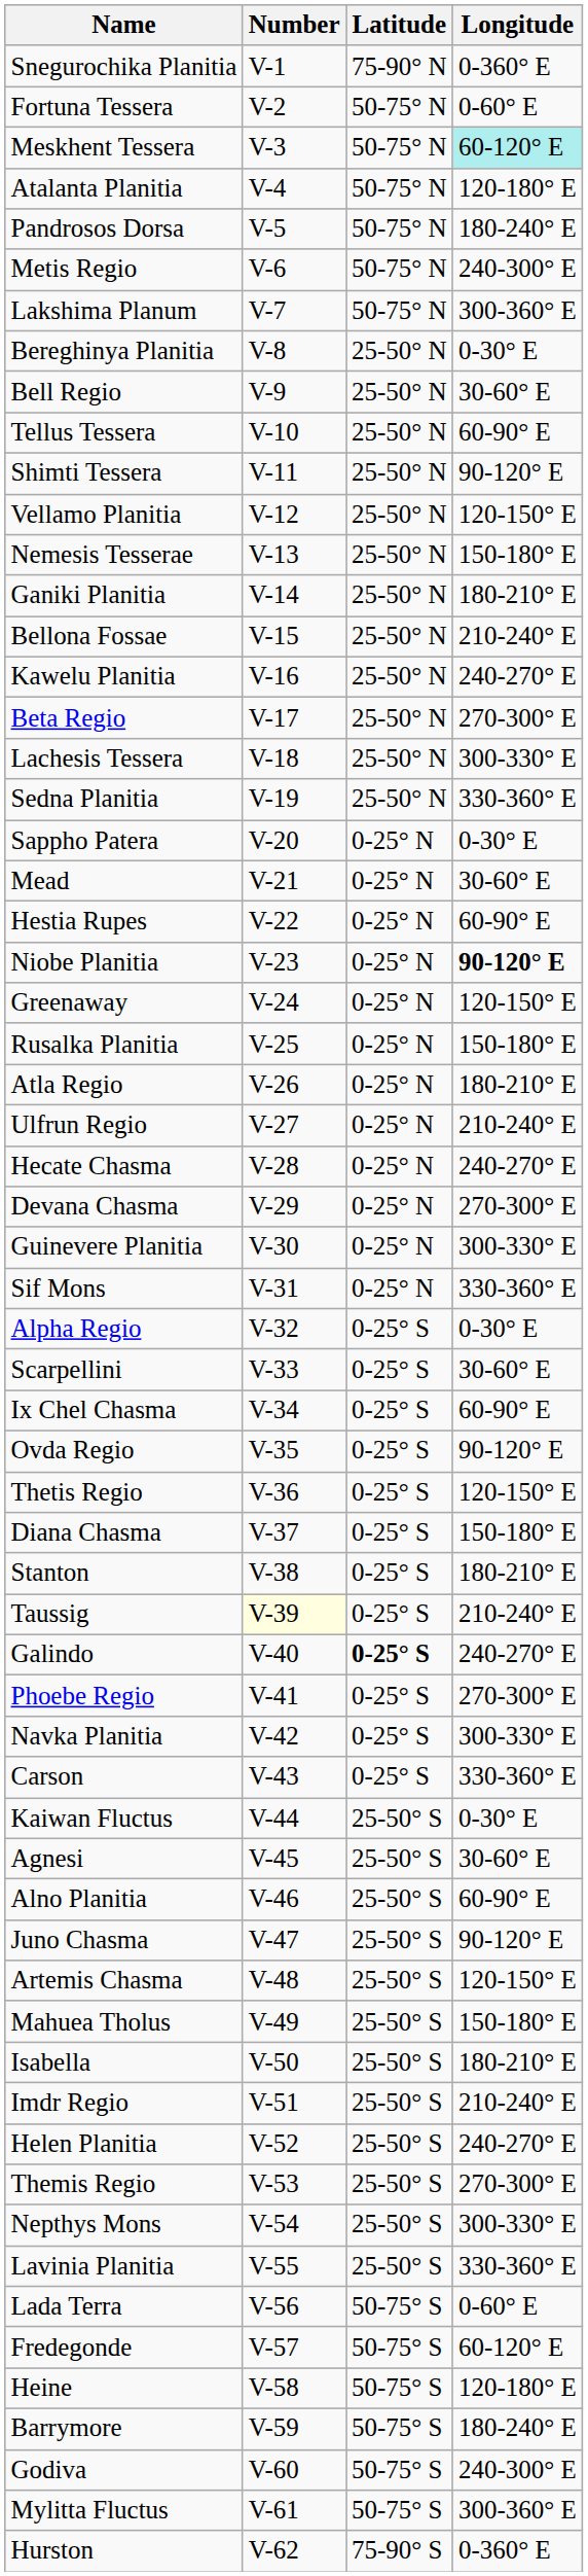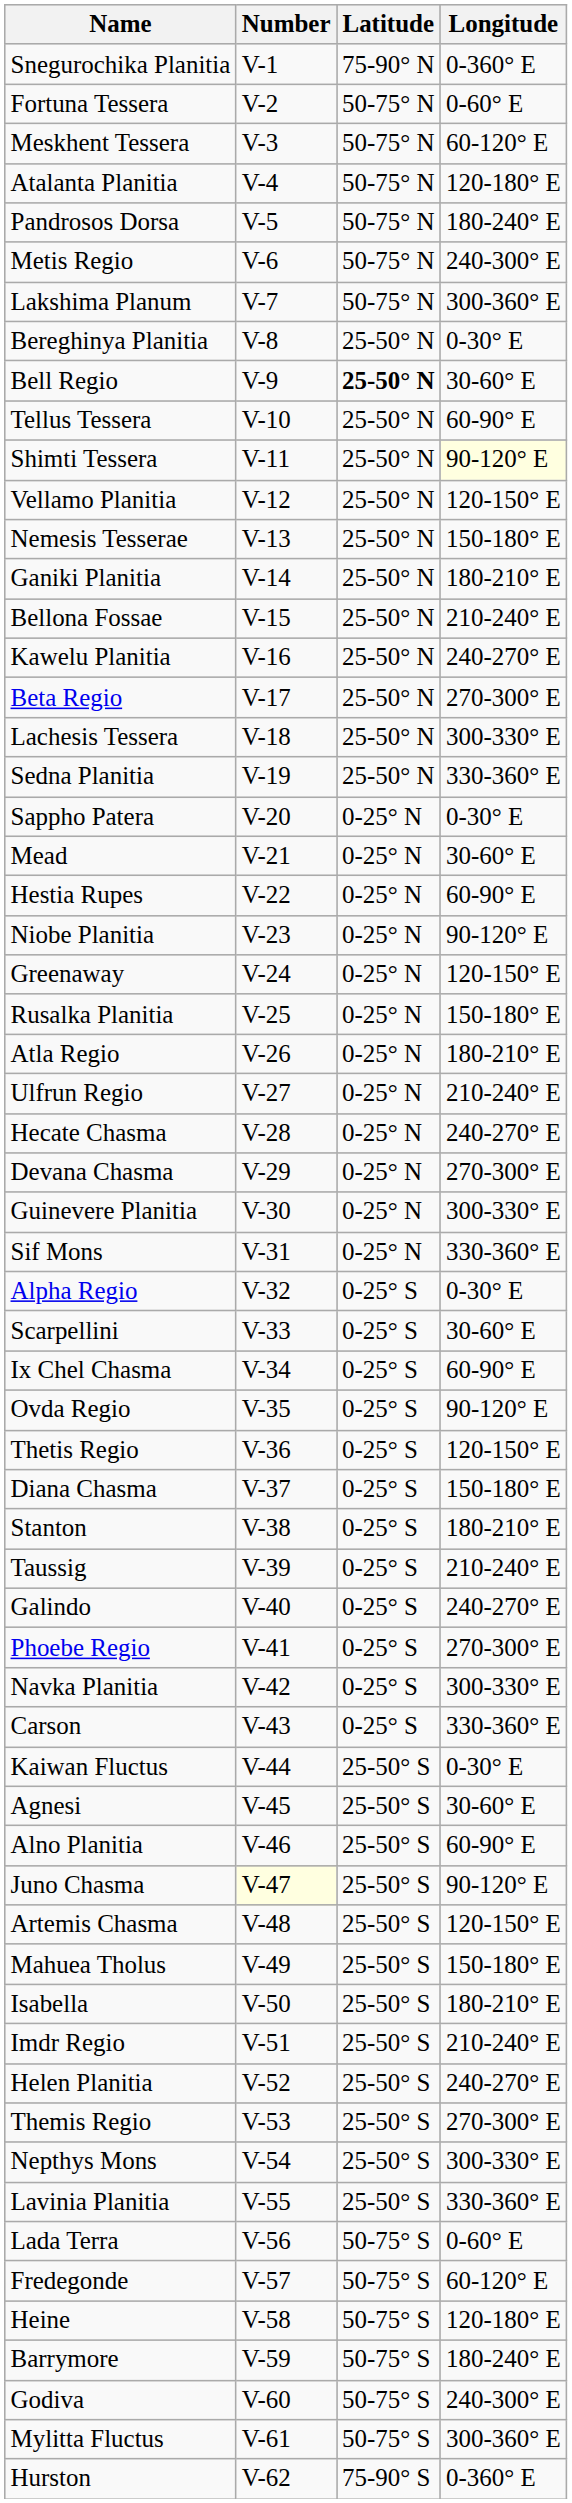 <table class="wikitable">
 <tr>
 <th>Name</th>
 <th>Number</th>
 <th>Latitude</th>
 <th>Longitude</th>
 </tr>
 <tr>
 <td>Snegurochika Planitia</td>
 <td>V-1</td>
 <td>75-90° N</td>
 <td>0-360° E</td>
 </tr>
 <tr>
 <td>Fortuna Tessera</td>
 <td>V-2</td>
 <td>50-75° N</td>
 <td>0-60° E</td>
 </tr>
 <tr>
 <td>Meskhent Tessera</td>
 <td>V-3</td>
 <td>50-75° N</td>
-<td style="background: paleturquoise;">60-120° E</td>
+<td>60-120° E</td>
 </tr>
 <tr>
 <td>Atalanta Planitia</td>
 <td>V-4</td>
 <td>50-75° N</td>
 <td>120-180° E</td>
 </tr>
 <tr>
 <td>Pandrosos Dorsa</td>
 <td>V-5</td>
 <td>50-75° N</td>
 <td>180-240° E</td>
 </tr>
 <tr>
 <td>Metis Regio</td>
 <td>V-6</td>
 <td>50-75° N</td>
 <td>240-300° E</td>
 </tr>
 <tr>
 <td>Lakshima Planum</td>
 <td>V-7</td>
 <td>50-75° N</td>
 <td>300-360° E</td>
 </tr>
 <tr>
 <td>Bereghinya Planitia</td>
 <td>V-8</td>
 <td>25-50° N</td>
 <td>0-30° E</td>
 </tr>
 <tr>
 <td>Bell Regio</td>
 <td>V-9</td>
-<td>25-50° N</td>
+<td><strong>25-50° N</strong></td>
 <td>30-60° E</td>
 </tr>
 <tr>
 <td>Tellus Tessera</td>
 <td>V-10</td>
 <td>25-50° N</td>
 <td>60-90° E</td>
 </tr>
 <tr>
 <td>Shimti Tessera</td>
 <td>V-11</td>
 <td>25-50° N</td>
-<td>90-120° E</td>
+<td style="background: lightyellow;">90-120° E</td>
 </tr>
 <tr>
 <td>Vellamo Planitia</td>
 <td>V-12</td>
 <td>25-50° N</td>
 <td>120-150° E</td>
 </tr>
 <tr>
 <td>Nemesis Tesserae</td>
 <td>V-13</td>
 <td>25-50° N</td>
 <td>150-180° E</td>
 </tr>
 <tr>
 <td>Ganiki Planitia</td>
 <td>V-14</td>
 <td>25-50° N</td>
 <td>180-210° E</td>
 </tr>
 <tr>
 <td>Bellona Fossae</td>
 <td>V-15</td>
 <td>25-50° N</td>
 <td>210-240° E</td>
 </tr>
 <tr>
 <td>Kawelu Planitia</td>
 <td>V-16</td>
 <td>25-50° N</td>
 <td>240-270° E</td>
 </tr>
 <tr>
 <td><a href='#'>Beta Regio</a></td>
 <td>V-17</td>
 <td>25-50° N</td>
 <td>270-300° E</td>
 </tr>
 <tr>
 <td>Lachesis Tessera</td>
 <td>V-18</td>
 <td>25-50° N</td>
 <td>300-330° E</td>
 </tr>
 <tr>
 <td>Sedna Planitia</td>
 <td>V-19</td>
 <td>25-50° N</td>
 <td>330-360° E</td>
 </tr>
 <tr>
 <td>Sappho Patera</td>
 <td>V-20</td>
 <td>0-25° N</td>
 <td>0-30° E</td>
 </tr>
 <tr>
 <td>Mead</td>
 <td>V-21</td>
 <td>0-25° N</td>
 <td>30-60° E</td>
 </tr>
 <tr>
 <td>Hestia Rupes</td>
 <td>V-22</td>
 <td>0-25° N</td>
 <td>60-90° E</td>
 </tr>
 <tr>
 <td>Niobe Planitia</td>
 <td>V-23</td>
 <td>0-25° N</td>
-<td><strong>90-120° E</strong></td>
+<td>90-120° E</td>
 </tr>
 <tr>
 <td>Greenaway</td>
 <td>V-24</td>
 <td>0-25° N</td>
 <td>120-150° E</td>
 </tr>
 <tr>
 <td>Rusalka Planitia</td>
 <td>V-25</td>
 <td>0-25° N</td>
 <td>150-180° E</td>
 </tr>
 <tr>
 <td>Atla Regio</td>
 <td>V-26</td>
 <td>0-25° N</td>
 <td>180-210° E</td>
 </tr>
 <tr>
 <td>Ulfrun Regio</td>
 <td>V-27</td>
 <td>0-25° N</td>
 <td>210-240° E</td>
 </tr>
 <tr>
 <td>Hecate Chasma</td>
 <td>V-28</td>
 <td>0-25° N</td>
 <td>240-270° E</td>
 </tr>
 <tr>
 <td>Devana Chasma</td>
 <td>V-29</td>
 <td>0-25° N</td>
 <td>270-300° E</td>
 </tr>
 <tr>
 <td>Guinevere Planitia</td>
 <td>V-30</td>
 <td>0-25° N</td>
 <td>300-330° E</td>
 </tr>
 <tr>
 <td>Sif Mons</td>
 <td>V-31</td>
 <td>0-25° N</td>
 <td>330-360° E</td>
 </tr>
 <tr>
 <td><a href='#'>Alpha Regio</a></td>
 <td>V-32</td>
 <td>0-25° S</td>
 <td>0-30° E</td>
 </tr>
 <tr>
 <td>Scarpellini</td>
 <td>V-33</td>
 <td>0-25° S</td>
 <td>30-60° E</td>
 </tr>
 <tr>
 <td>Ix Chel Chasma</td>
 <td>V-34</td>
 <td>0-25° S</td>
 <td>60-90° E</td>
 </tr>
 <tr>
 <td>Ovda Regio</td>
 <td>V-35</td>
 <td>0-25° S</td>
 <td>90-120° E</td>
 </tr>
 <tr>
 <td>Thetis Regio</td>
 <td>V-36</td>
 <td>0-25° S</td>
 <td>120-150° E</td>
 </tr>
 <tr>
 <td>Diana Chasma</td>
 <td>V-37</td>
 <td>0-25° S</td>
 <td>150-180° E</td>
 </tr>
 <tr>
 <td>Stanton</td>
 <td>V-38</td>
 <td>0-25° S</td>
 <td>180-210° E</td>
 </tr>
 <tr>
 <td>Taussig</td>
-<td style="background: lightyellow;">V-39</td>
+<td>V-39</td>
 <td>0-25° S</td>
 <td>210-240° E</td>
 </tr>
 <tr>
 <td>Galindo</td>
 <td>V-40</td>
-<td><strong>0-25° S</strong></td>
+<td>0-25° S</td>
 <td>240-270° E</td>
 </tr>
 <tr>
 <td><a href='#'>Phoebe Regio</a></td>
 <td>V-41</td>
 <td>0-25° S</td>
 <td>270-300° E</td>
 </tr>
 <tr>
 <td>Navka Planitia</td>
 <td>V-42</td>
 <td>0-25° S</td>
 <td>300-330° E</td>
 </tr>
 <tr>
 <td>Carson</td>
 <td>V-43</td>
 <td>0-25° S</td>
 <td>330-360° E</td>
 </tr>
 <tr>
 <td>Kaiwan Fluctus</td>
 <td>V-44</td>
 <td>25-50° S</td>
 <td>0-30° E</td>
 </tr>
 <tr>
 <td>Agnesi</td>
 <td>V-45</td>
 <td>25-50° S</td>
 <td>30-60° E</td>
 </tr>
 <tr>
 <td>Alno Planitia</td>
 <td>V-46</td>
 <td>25-50° S</td>
 <td>60-90° E</td>
 </tr>
 <tr>
 <td>Juno Chasma</td>
-<td>V-47</td>
+<td style="background: lightyellow;">V-47</td>
 <td>25-50° S</td>
 <td>90-120° E</td>
 </tr>
 <tr>
 <td>Artemis Chasma</td>
 <td>V-48</td>
 <td>25-50° S</td>
 <td>120-150° E</td>
 </tr>
 <tr>
 <td>Mahuea Tholus</td>
 <td>V-49</td>
 <td>25-50° S</td>
 <td>150-180° E</td>
 </tr>
 <tr>
 <td>Isabella</td>
 <td>V-50</td>
 <td>25-50° S</td>
 <td>180-210° E</td>
 </tr>
 <tr>
 <td>Imdr Regio</td>
 <td>V-51</td>
 <td>25-50° S</td>
 <td>210-240° E</td>
 </tr>
 <tr>
 <td>Helen Planitia</td>
 <td>V-52</td>
 <td>25-50° S</td>
 <td>240-270° E</td>
 </tr>
 <tr>
 <td>Themis Regio</td>
 <td>V-53</td>
 <td>25-50° S</td>
 <td>270-300° E</td>
 </tr>
 <tr>
 <td>Nepthys Mons</td>
 <td>V-54</td>
 <td>25-50° S</td>
 <td>300-330° E</td>
 </tr>
 <tr>
 <td>Lavinia Planitia</td>
 <td>V-55</td>
 <td>25-50° S</td>
 <td>330-360° E</td>
 </tr>
 <tr>
 <td>Lada Terra</td>
 <td>V-56</td>
 <td>50-75° S</td>
 <td>0-60° E</td>
 </tr>
 <tr>
 <td>Fredegonde</td>
 <td>V-57</td>
 <td>50-75° S</td>
 <td>60-120° E</td>
 </tr>
 <tr>
 <td>Heine</td>
 <td>V-58</td>
 <td>50-75° S</td>
 <td>120-180° E</td>
 </tr>
 <tr>
 <td>Barrymore</td>
 <td>V-59</td>
 <td>50-75° S</td>
 <td>180-240° E</td>
 </tr>
 <tr>
 <td>Godiva</td>
 <td>V-60</td>
 <td>50-75° S</td>
 <td>240-300° E</td>
 </tr>
 <tr>
 <td>Mylitta Fluctus</td>
 <td>V-61</td>
 <td>50-75° S</td>
 <td>300-360° E</td>
 </tr>
 <tr>
 <td>Hurston</td>
 <td>V-62</td>
 <td>75-90° S</td>
 <td>0-360° E</td>
 </tr>
 </table>
